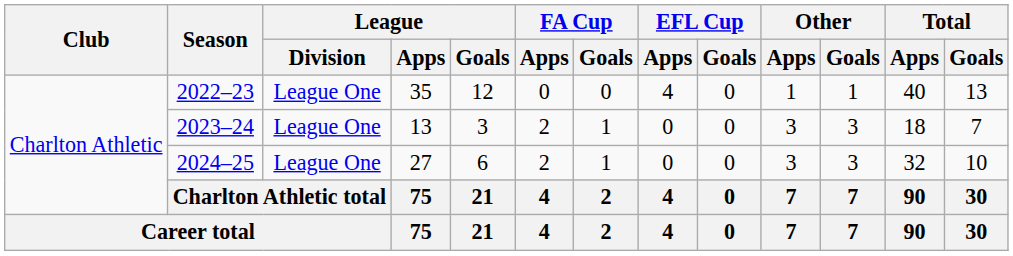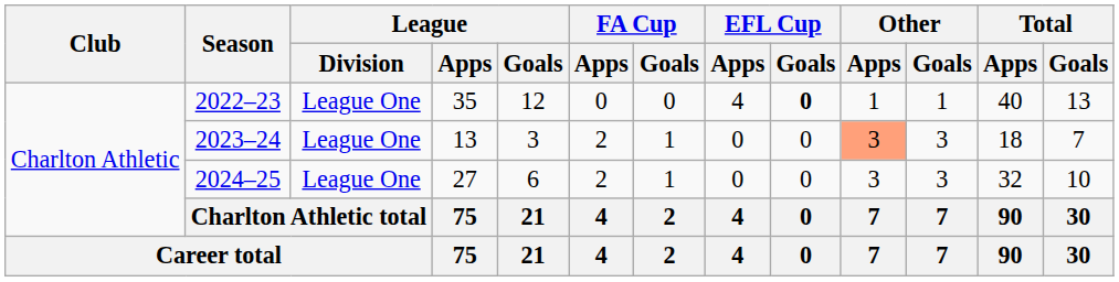 <table class="wikitable" style="text-align: center">
 <tr>
 <th rowspan="2">Club</th>
 <th rowspan="2">Season</th>
 <th colspan="3">League</th>
 <th colspan="2"><a href='#'>FA Cup</a></th>
 <th colspan="2"><a href='#'>EFL Cup</a></th>
 <th colspan="2">Other</th>
 <th colspan="2">Total</th>
 </tr>
 <tr>
 <th>Division</th>
 <th>Apps</th>
 <th>Goals</th>
 <th>Apps</th>
 <th>Goals</th>
 <th>Apps</th>
 <th>Goals</th>
 <th>Apps</th>
 <th>Goals</th>
 <th>Apps</th>
 <th>Goals</th>
 </tr>
 <tr>
 <td rowspan="4"><a href='#'>Charlton Athletic</a></td>
 <td><a href='#'>2022–23</a></td>
 <td><a href='#'>League One</a></td>
 <td>35</td>
 <td>12</td>
 <td>0</td>
 <td>0</td>
 <td>4</td>
-<td>0</td>
+<td><strong>0</strong></td>
 <td>1</td>
 <td>1</td>
 <td>40</td>
 <td>13</td>
 </tr>
 <tr>
 <td><a href='#'>2023–24</a></td>
 <td><a href='#'>League One</a></td>
 <td>13</td>
 <td>3</td>
 <td>2</td>
 <td>1</td>
 <td>0</td>
 <td>0</td>
-<td>3</td>
+<td style="background: lightsalmon;">3</td>
 <td>3</td>
 <td>18</td>
 <td>7</td>
 </tr>
 <tr>
 <td><a href='#'>2024–25</a></td>
 <td><a href='#'>League One</a></td>
 <td>27</td>
 <td>6</td>
 <td>2</td>
 <td>1</td>
 <td>0</td>
 <td>0</td>
 <td>3</td>
 <td>3</td>
 <td>32</td>
 <td>10</td>
 </tr>
 <tr>
 <th colspan="2">Charlton Athletic total</th>
 <th>75</th>
 <th>21</th>
 <th>4</th>
 <th>2</th>
 <th>4</th>
 <th>0</th>
 <th>7</th>
 <th>7</th>
 <th>90</th>
 <th>30</th>
 </tr>
 <tr>
 <th colspan="3">Career total</th>
 <th>75</th>
 <th>21</th>
 <th>4</th>
 <th>2</th>
 <th>4</th>
 <th>0</th>
 <th>7</th>
 <th>7</th>
 <th>90</th>
 <th>30</th>
 </tr>
 </table>
